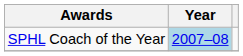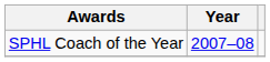 <table class="wikitable">
 <tr>
 <th>Awards</th>
 <th>Year</th>
 <th></th>
 </tr>
 <tr>
 <td><a href='#'>SPHL</a> Coach of the Year</td>
-<td style="background: lightblue;"><a href='#'>2007–08</a></td>
+<td><a href='#'>2007–08</a></td>
 <td></td>
 </tr>
 <tr>
 </tr>
 </table>
